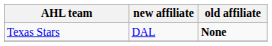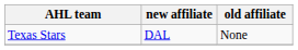 <table class="wikitable">
 <tr>
 <th bgcolor="#DDDDFF" width="45%">AHL team</th>
 <th bgcolor="#DDDDFF" width="25%">new affiliate</th>
 <th bgcolor="#DDDDFF" width="25%">old affiliate</th>
 </tr>
 <tr>
 <td align=left><a href='#'>Texas Stars</a></td>
 <td><a href='#'>DAL</a></td>
-<td><strong>None</strong></td>
+<td>None</td>
 </tr>
 <tr>
 </tr>
 </table>
